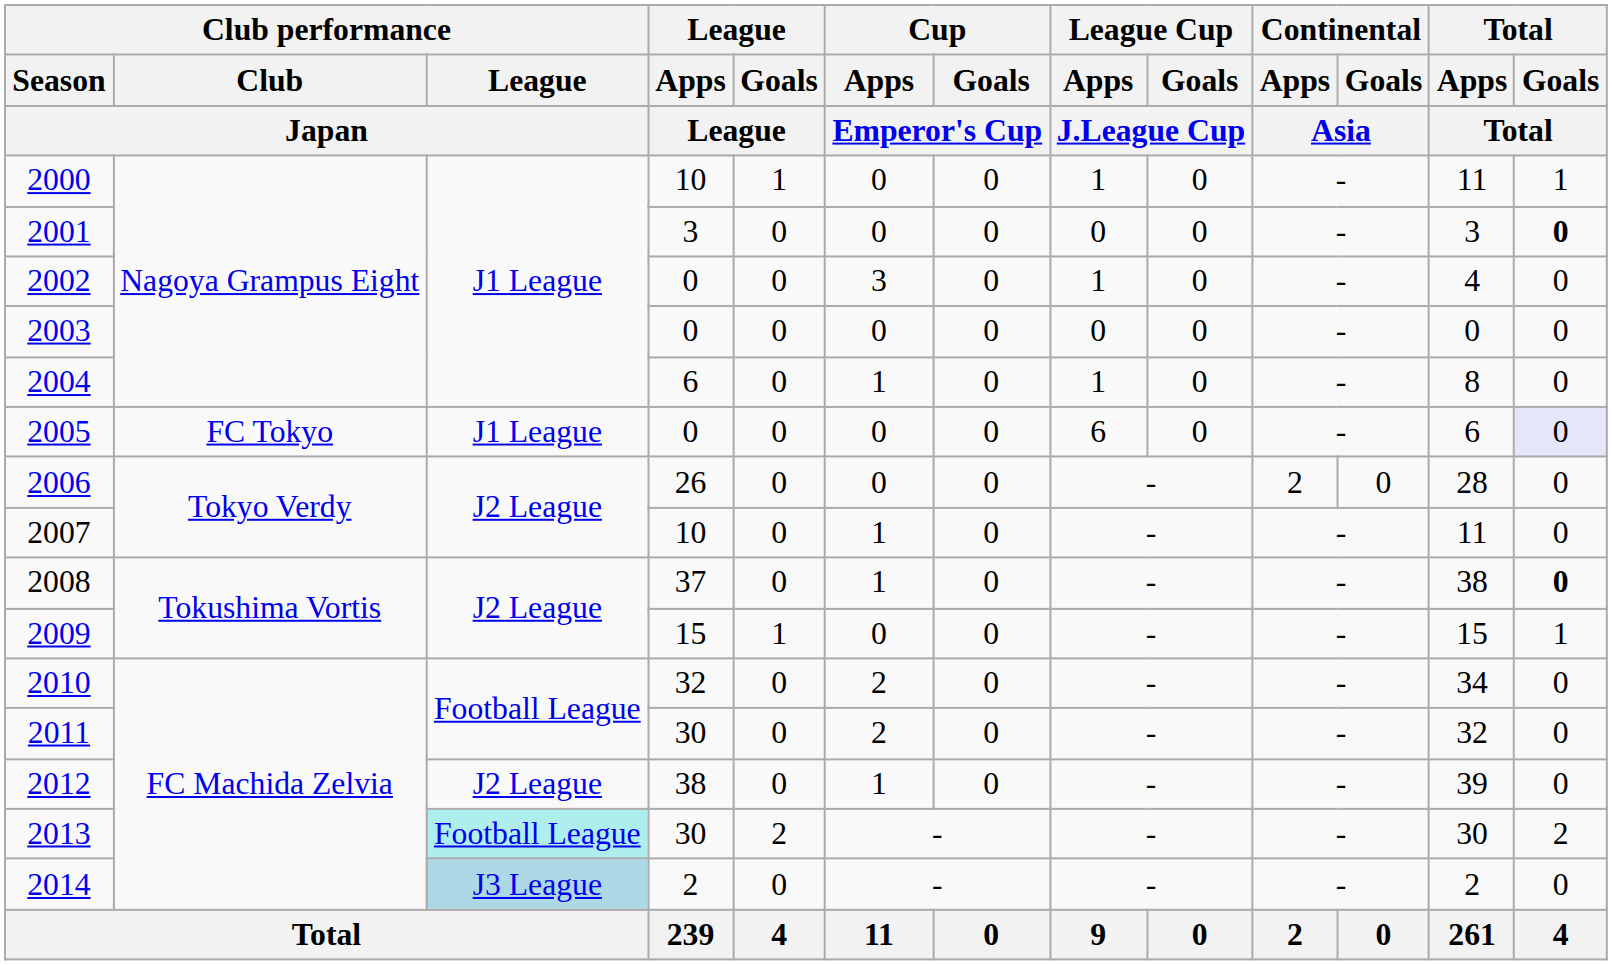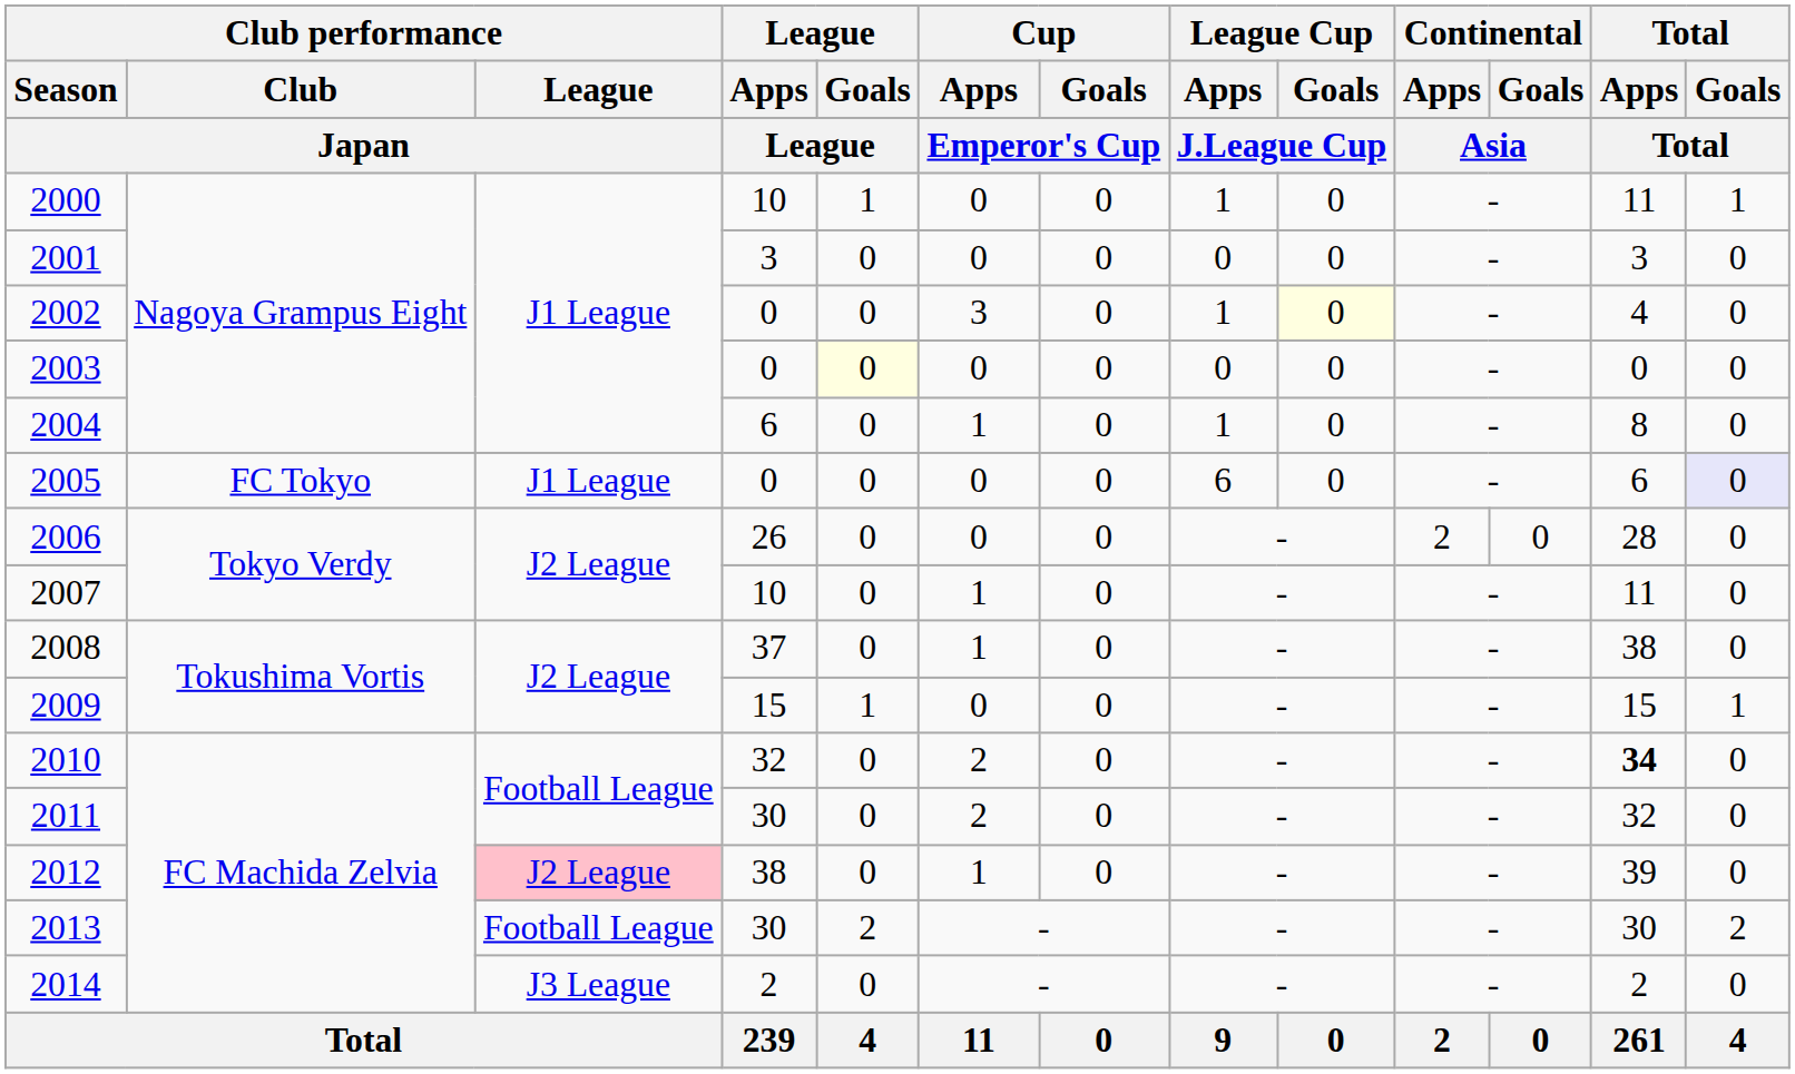 <table class="wikitable" style="text-align:center;">
 <tr>
 <th colspan=3>Club performance</th>
 <th colspan=2>League</th>
 <th colspan=2>Cup</th>
 <th colspan=2>League Cup</th>
 <th colspan=2>Continental</th>
 <th colspan=2>Total</th>
 </tr>
 <tr>
 <th>Season</th>
 <th>Club</th>
 <th>League</th>
 <th>Apps</th>
 <th>Goals</th>
 <th>Apps</th>
 <th>Goals</th>
 <th>Apps</th>
 <th>Goals</th>
 <th>Apps</th>
 <th>Goals</th>
 <th>Apps</th>
 <th>Goals</th>
 </tr>
 <tr>
 <th colspan=3>Japan</th>
 <th colspan=2>League</th>
 <th colspan=2><a href='#'>Emperor's Cup</a></th>
 <th colspan=2><a href='#'>J.League Cup</a></th>
 <th colspan=2><a href='#'>Asia</a></th>
 <th colspan=2>Total</th>
 </tr>
 <tr>
 <td><a href='#'>2000</a></td>
 <td rowspan="5"><a href='#'>Nagoya Grampus Eight</a></td>
 <td rowspan="5"><a href='#'>J1 League</a></td>
 <td>10</td>
 <td>1</td>
 <td>0</td>
 <td>0</td>
 <td>1</td>
 <td>0</td>
 <td colspan="2">-</td>
 <td>11</td>
 <td>1</td>
 </tr>
 <tr>
 <td><a href='#'>2001</a></td>
 <td>3</td>
 <td>0</td>
 <td>0</td>
 <td>0</td>
 <td>0</td>
 <td>0</td>
 <td colspan="2">-</td>
 <td>3</td>
-<td><strong>0</strong></td>
+<td>0</td>
 </tr>
 <tr>
 <td><a href='#'>2002</a></td>
 <td>0</td>
 <td>0</td>
 <td>3</td>
 <td>0</td>
 <td>1</td>
-<td>0</td>
+<td style="background: lightyellow;">0</td>
 <td colspan="2">-</td>
 <td>4</td>
 <td>0</td>
 </tr>
 <tr>
 <td><a href='#'>2003</a></td>
 <td>0</td>
-<td>0</td>
+<td style="background: lightyellow;">0</td>
 <td>0</td>
 <td>0</td>
 <td>0</td>
 <td>0</td>
 <td colspan="2">-</td>
 <td>0</td>
 <td>0</td>
 </tr>
 <tr>
 <td><a href='#'>2004</a></td>
 <td>6</td>
 <td>0</td>
 <td>1</td>
 <td>0</td>
 <td>1</td>
 <td>0</td>
 <td colspan="2">-</td>
 <td>8</td>
 <td>0</td>
 </tr>
 <tr>
 <td><a href='#'>2005</a></td>
 <td><a href='#'>FC Tokyo</a></td>
 <td><a href='#'>J1 League</a></td>
 <td>0</td>
 <td>0</td>
 <td>0</td>
 <td>0</td>
 <td>6</td>
 <td>0</td>
 <td colspan="2">-</td>
 <td>6</td>
 <td style="background: lavender;">0</td>
 </tr>
 <tr>
 <td><a href='#'>2006</a></td>
 <td rowspan="2"><a href='#'>Tokyo Verdy</a></td>
 <td rowspan="2"><a href='#'>J2 League</a></td>
 <td>26</td>
 <td>0</td>
 <td>0</td>
 <td>0</td>
 <td colspan="2">-</td>
 <td>2</td>
 <td>0</td>
 <td>28</td>
 <td>0</td>
 </tr>
 <tr>
 <td>2007</td>
 <td>10</td>
 <td>0</td>
 <td>1</td>
 <td>0</td>
 <td colspan="2">-</td>
 <td colspan="2">-</td>
 <td>11</td>
 <td>0</td>
 </tr>
 <tr>
 <td>2008</td>
 <td rowspan="2"><a href='#'>Tokushima Vortis</a></td>
 <td rowspan="2"><a href='#'>J2 League</a></td>
 <td>37</td>
 <td>0</td>
 <td>1</td>
 <td>0</td>
 <td colspan="2">-</td>
 <td colspan="2">-</td>
 <td>38</td>
-<td><strong>0</strong></td>
+<td>0</td>
 </tr>
 <tr>
 <td><a href='#'>2009</a></td>
 <td>15</td>
 <td>1</td>
 <td>0</td>
 <td>0</td>
 <td colspan="2">-</td>
 <td colspan="2">-</td>
 <td>15</td>
 <td>1</td>
 </tr>
 <tr>
 <td><a href='#'>2010</a></td>
 <td rowspan="5"><a href='#'>FC Machida Zelvia</a></td>
 <td rowspan="2"><a href='#'>Football League</a></td>
 <td>32</td>
 <td>0</td>
 <td>2</td>
 <td>0</td>
 <td colspan="2">-</td>
 <td colspan="2">-</td>
-<td>34</td>
+<td><strong>34</strong></td>
 <td>0</td>
 </tr>
 <tr>
 <td><a href='#'>2011</a></td>
 <td>30</td>
 <td>0</td>
 <td>2</td>
 <td>0</td>
 <td colspan="2">-</td>
 <td colspan="2">-</td>
 <td>32</td>
 <td>0</td>
 </tr>
 <tr>
 <td><a href='#'>2012</a></td>
-<td><a href='#'>J2 League</a></td>
+<td style="background: pink;"><a href='#'>J2 League</a></td>
 <td>38</td>
 <td>0</td>
 <td>1</td>
 <td>0</td>
 <td colspan="2">-</td>
 <td colspan="2">-</td>
 <td>39</td>
 <td>0</td>
 </tr>
 <tr>
 <td><a href='#'>2013</a></td>
-<td style="background: paleturquoise;"><a href='#'>Football League</a></td>
+<td><a href='#'>Football League</a></td>
 <td>30</td>
 <td>2</td>
 <td colspan="2">-</td>
 <td colspan="2">-</td>
 <td colspan="2">-</td>
 <td>30</td>
 <td>2</td>
 </tr>
 <tr>
 <td><a href='#'>2014</a></td>
-<td style="background: lightblue;"><a href='#'>J3 League</a></td>
+<td><a href='#'>J3 League</a></td>
 <td>2</td>
 <td>0</td>
 <td colspan="2">-</td>
 <td colspan="2">-</td>
 <td colspan="2">-</td>
 <td>2</td>
 <td>0</td>
 </tr>
 <tr>
 <th colspan=3>Total</th>
 <th>239</th>
 <th>4</th>
 <th>11</th>
 <th>0</th>
 <th>9</th>
 <th>0</th>
 <th>2</th>
 <th>0</th>
 <th>261</th>
 <th>4</th>
 </tr>
 </table>
